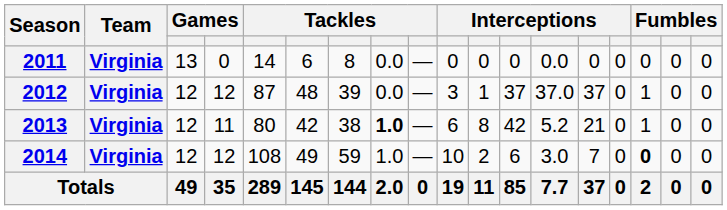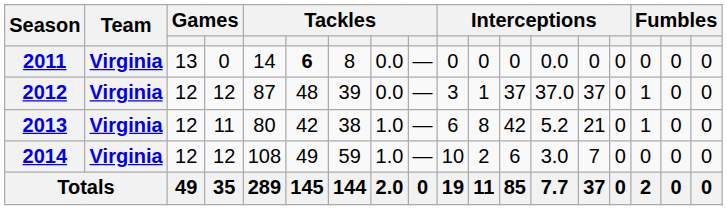 <table class="wikitable sortable" style="text-align:center;">
 <tr>
 <th rowspan="2">Season</th>
 <th rowspan="2">Team</th>
 <th colspan="2">Games</th>
 <th colspan="5">Tackles</th>
 <th colspan="6">Interceptions</th>
 <th colspan="3">Fumbles</th>
 </tr>
 <tr>
 <th></th>
 <th></th>
 <th></th>
 <th></th>
 <th></th>
 <th></th>
 <th></th>
 <th></th>
 <th></th>
 <th></th>
 <th></th>
 <th></th>
 <th></th>
 <th></th>
 <th></th>
 <th></th>
 </tr>
 <tr>
 <th><a href='#'>2011</a></th>
 <th><a href='#'>Virginia</a></th>
 <td>13</td>
 <td>0</td>
 <td>14</td>
-<td>6</td>
+<td><strong>6</strong></td>
 <td>8</td>
 <td>0.0</td>
 <td>—</td>
 <td>0</td>
 <td>0</td>
 <td>0</td>
 <td>0.0</td>
 <td>0</td>
 <td>0</td>
 <td>0</td>
 <td>0</td>
 <td>0</td>
 </tr>
 <tr>
 <th><a href='#'>2012</a></th>
 <th><a href='#'>Virginia</a></th>
 <td>12</td>
 <td>12</td>
 <td>87</td>
 <td>48</td>
 <td>39</td>
 <td>0.0</td>
 <td>—</td>
 <td>3</td>
 <td>1</td>
 <td>37</td>
 <td>37.0</td>
 <td>37</td>
 <td>0</td>
 <td>1</td>
 <td>0</td>
 <td>0</td>
 </tr>
 <tr>
 <th><a href='#'>2013</a></th>
 <th><a href='#'>Virginia</a></th>
 <td>12</td>
 <td>11</td>
 <td>80</td>
 <td>42</td>
 <td>38</td>
-<td><strong>1.0</strong></td>
+<td>1.0</td>
 <td>—</td>
 <td>6</td>
 <td>8</td>
 <td>42</td>
 <td>5.2</td>
 <td>21</td>
 <td>0</td>
 <td>1</td>
 <td>0</td>
 <td>0</td>
 </tr>
 <tr>
 <th><a href='#'>2014</a></th>
 <th><a href='#'>Virginia</a></th>
 <td>12</td>
 <td>12</td>
 <td>108</td>
 <td>49</td>
 <td>59</td>
 <td>1.0</td>
 <td>—</td>
 <td>10</td>
 <td>2</td>
 <td>6</td>
 <td>3.0</td>
 <td>7</td>
 <td>0</td>
-<td><strong>0</strong></td>
+<td>0</td>
 <td>0</td>
 <td>0</td>
 </tr>
 <tr>
 <th colspan="2">Totals</th>
 <th>49</th>
 <th>35</th>
 <th>289</th>
 <th>145</th>
 <th>144</th>
 <th>2.0</th>
 <th>0</th>
 <th>19</th>
 <th>11</th>
 <th>85</th>
 <th>7.7</th>
 <th>37</th>
 <th>0</th>
 <th>2</th>
 <th>0</th>
 <th>0</th>
 </tr>
 </table>
